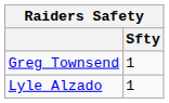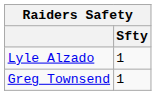 <table class="wikitable">
 <tr>
 <th colspan="2">Raiders Safety</th>
 </tr>
 <tr>
 <th></th>
 <th>Sfty</th>
 </tr>
 <tr>
+<td><a href='#'>Lyle Alzado</a></td>
+<td>1</td>
+</tr>
+<tr>
 <td><a href='#'>Greg Townsend</a></td>
 <td>1</td>
 </tr>
-<tr>
-<td><a href='#'>Lyle Alzado</a></td>
-<td>1</td>
-</tr>
 </table>
